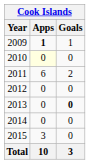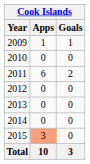 <table class="wikitable" style="text-align:center">
 <tr>
 <th colspan=3><a href='#'>Cook Islands</a></th>
 </tr>
 <tr>
 <th>Year</th>
 <th>Apps</th>
 <th>Goals</th>
 </tr>
 <tr>
 <td>2009</td>
-<td><strong>1</strong></td>
+<td>1</td>
 <td>1</td>
 </tr>
 <tr>
 <td>2010</td>
-<td style="background: lightyellow;">0</td>
+<td>0</td>
 <td>0</td>
 </tr>
 <tr>
 <td>2011</td>
 <td>6</td>
 <td>2</td>
 </tr>
 <tr>
 <td>2012</td>
 <td>0</td>
 <td>0</td>
 </tr>
 <tr>
 <td>2013</td>
 <td>0</td>
-<td><strong>0</strong></td>
+<td>0</td>
 </tr>
 <tr>
 <td>2014</td>
 <td>0</td>
 <td>0</td>
 </tr>
 <tr>
 <td>2015</td>
-<td>3</td>
+<td style="background: lightsalmon;">3</td>
 <td>0</td>
 </tr>
 <tr>
 <th>Total</th>
 <th>10</th>
 <th>3</th>
 </tr>
 </table>
